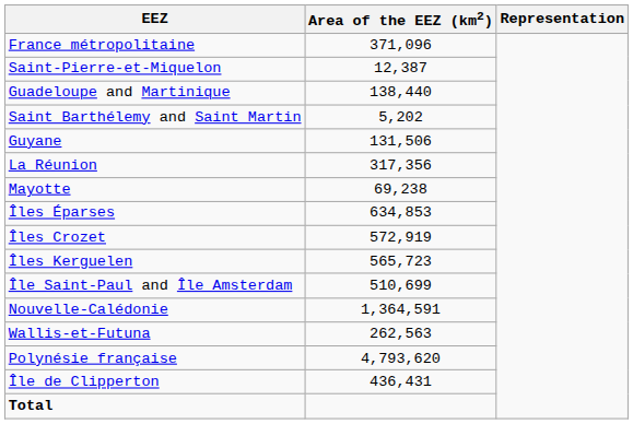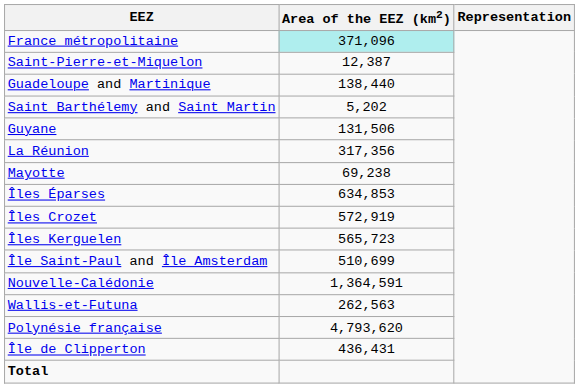 <table class="wikitable">
 <tr>
 <th>EEZ</th>
 <th>Area of the EEZ (km<sup>2</sup>) </th>
 <th>Representation</th>
 </tr>
 <tr>
 <td><a href='#'>France métropolitaine</a></td>
-<td style="text-align:center">371,096</td>
+<td style="background: paleturquoise; text-align:center">371,096</td>
 <td rowspan="16"></td>
 </tr>
 <tr>
 <td><a href='#'>Saint-Pierre-et-Miquelon</a></td>
 <td style="text-align:center">12,387</td>
 </tr>
 <tr>
 <td><a href='#'>Guadeloupe</a> and <a href='#'>Martinique</a></td>
 <td style="text-align:center">138,440</td>
 </tr>
 <tr>
 <td><a href='#'>Saint Barthélemy</a> and <a href='#'>Saint Martin</a></td>
 <td style="text-align:center">5,202</td>
 </tr>
 <tr>
 <td><a href='#'>Guyane</a></td>
 <td style="text-align:center">131,506</td>
 </tr>
 <tr>
 <td><a href='#'>La Réunion</a></td>
 <td style="text-align:center">317,356</td>
 </tr>
 <tr>
 <td><a href='#'>Mayotte</a></td>
 <td style="text-align:center">69,238</td>
 </tr>
 <tr>
 <td><a href='#'>Îles Éparses</a></td>
 <td style="text-align:center">634,853</td>
 </tr>
 <tr>
 <td><a href='#'>Îles Crozet</a></td>
 <td style="text-align:center">572,919</td>
 </tr>
 <tr>
 <td><a href='#'>Îles Kerguelen</a></td>
 <td style="text-align:center">565,723</td>
 </tr>
 <tr>
 <td><a href='#'>Île Saint-Paul</a> and <a href='#'>Île Amsterdam</a></td>
 <td style="text-align:center">510,699</td>
 </tr>
 <tr>
 <td><a href='#'>Nouvelle-Calédonie</a></td>
 <td style="text-align:center">1,364,591</td>
 </tr>
 <tr>
 <td><a href='#'>Wallis-et-Futuna</a></td>
 <td style="text-align:center">262,563</td>
 </tr>
 <tr>
 <td><a href='#'>Polynésie française</a></td>
 <td style="text-align:center">4,793,620</td>
 </tr>
 <tr>
 <td><a href='#'>Île de Clipperton</a></td>
 <td style="text-align:center">436,431</td>
 </tr>
 <tr>
 <td><strong>Total</strong></td>
 <td style="text-align:center"><strong></strong></td>
 </tr>
 </table>
